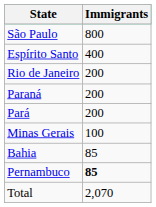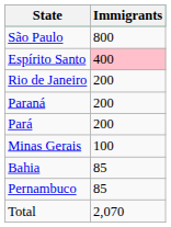 <table class="wikitable">
 <tr style="background:#096;" colspan="2">
 <th>State</th>
 <th>Immigrants</th>
 </tr>
 <tr>
 <td><a href='#'>São Paulo</a></td>
 <td>800</td>
 </tr>
 <tr>
 <td><a href='#'>Espírito Santo</a></td>
-<td>400</td>
+<td style="background: pink;">400</td>
 </tr>
 <tr>
 <td><a href='#'>Rio de Janeiro</a></td>
 <td>200</td>
 </tr>
 <tr>
 <td><a href='#'>Paraná</a></td>
 <td>200</td>
 </tr>
 <tr>
 <td><a href='#'>Pará</a></td>
 <td>200</td>
 </tr>
 <tr>
 <td><a href='#'>Minas Gerais</a></td>
 <td>100</td>
 </tr>
 <tr>
 <td><a href='#'>Bahia</a></td>
 <td>85</td>
 </tr>
 <tr>
 <td><a href='#'>Pernambuco</a></td>
-<td><strong>85</strong></td>
+<td>85</td>
 </tr>
 <tr>
 <td>Total</td>
 <td>2,070</td>
 </tr>
 </table>
